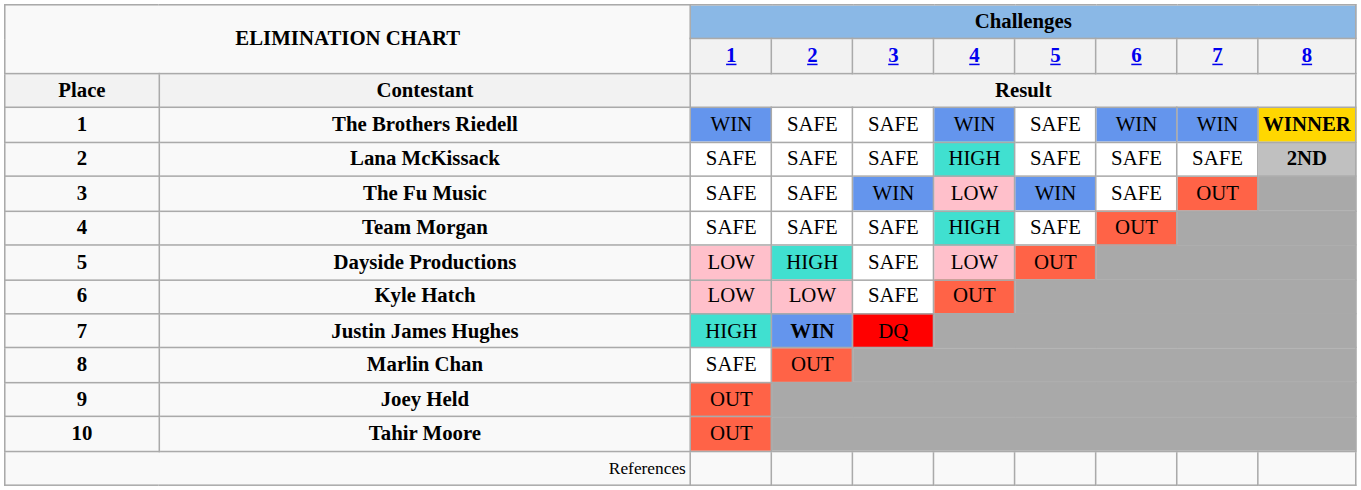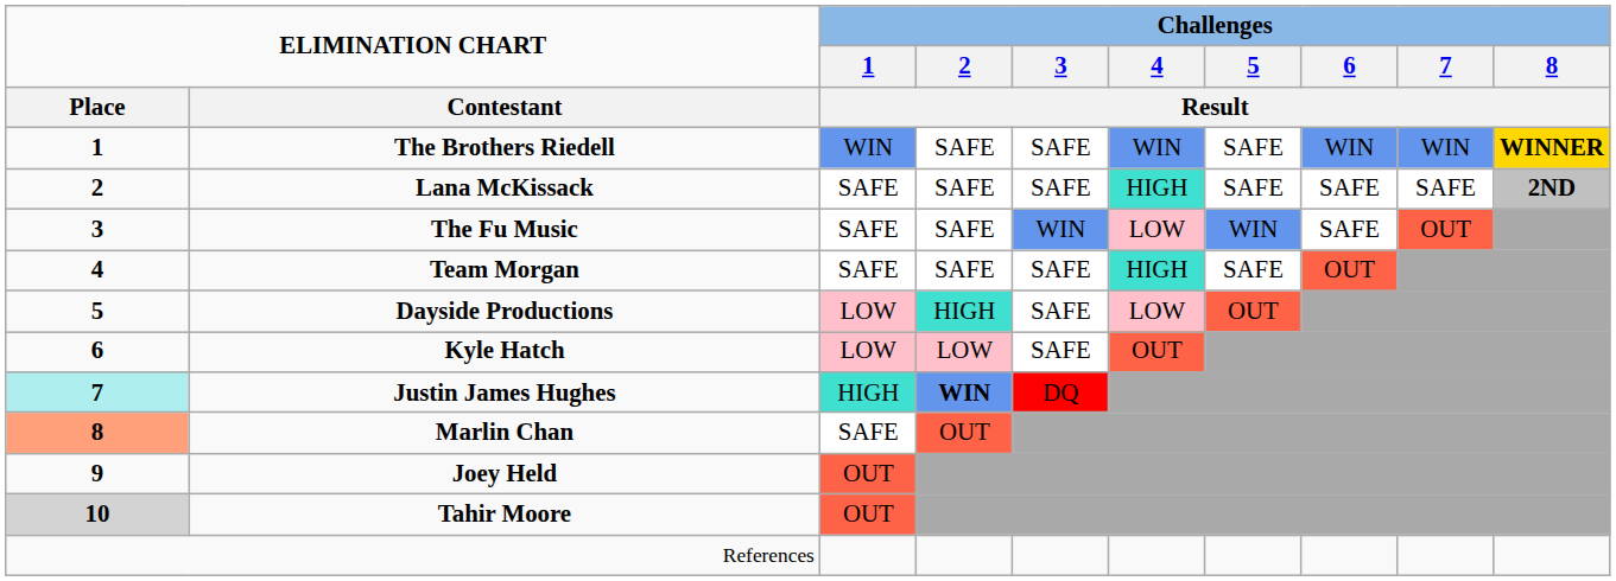 <table class="wikitable" style="margin:1em auto; text-align:center; font-size:85%">
 <tr>
 <td colspan=2 rowspan=2><strong>ELIMINATION CHART</strong></td>
 <td colspan="8" style="background:#8ab8e6;"><strong>Challenges</strong></td>
 </tr>
 <tr>
 <th width=6%><a href='#'>1</a></th>
 <th width=6%><a href='#'>2</a></th>
 <th width=6%><a href='#'>3</a></th>
 <th width=6%><a href='#'>4</a></th>
 <th width=6%><a href='#'>5</a></th>
 <th width=6%><a href='#'>6</a></th>
 <th width=6%><a href='#'>7</a></th>
 <th width=6%><a href='#'>8</a></th>
 </tr>
 <tr>
 <th>Place</th>
 <th>Contestant</th>
 <th colspan="14">Result</th>
 </tr>
 <tr>
 <td><strong>1</strong></td>
 <td><strong>The Brothers Riedell</strong></td>
 <td style="background:cornflowerblue">WIN</td>
 <td style="background:white">SAFE</td>
 <td style="background:white">SAFE</td>
 <td style="background:cornflowerblue">WIN</td>
 <td style="background:white">SAFE</td>
 <td style="background:cornflowerblue">WIN</td>
 <td style="background:cornflowerblue">WIN</td>
 <td style="background:gold;"><strong>WINNER</strong></td>
 </tr>
 <tr>
 <td><strong>2</strong></td>
 <td><strong>Lana McKissack</strong></td>
 <td style="background:white">SAFE</td>
 <td style="background:white">SAFE</td>
 <td style="background:white">SAFE</td>
 <td style="background:turquoise">HIGH</td>
 <td style="background:white">SAFE</td>
 <td style="background:white">SAFE</td>
 <td style="background:white">SAFE</td>
 <td style="background:silver"><strong>2ND</strong></td>
 </tr>
 <tr>
 <td><strong>3</strong></td>
 <td><strong>The Fu Music</strong></td>
 <td style="background:white">SAFE</td>
 <td style="background:white">SAFE</td>
 <td style="background:cornflowerblue">WIN</td>
 <td style="background:pink">LOW</td>
 <td style="background:cornflowerblue">WIN</td>
 <td style="background:white">SAFE</td>
 <td style="background:tomato">OUT</td>
 <td style="background:darkgrey"></td>
 </tr>
 <tr>
 <td><strong>4</strong></td>
 <td><strong>Team Morgan</strong></td>
 <td style="background:white">SAFE</td>
 <td style="background:white">SAFE</td>
 <td style="background:white">SAFE</td>
 <td style="background:turquoise">HIGH</td>
 <td style="background:white">SAFE</td>
 <td style="background:tomato">OUT</td>
 <td style="background:darkgrey" colspan=2></td>
 </tr>
 <tr>
 <td><strong>5</strong></td>
 <td><strong>Dayside Productions</strong></td>
 <td style="background:pink">LOW</td>
 <td style="background:turquoise">HIGH</td>
 <td style="background:white">SAFE</td>
 <td style="background:pink">LOW</td>
 <td style="background:tomato">OUT</td>
 <td style="background:darkgrey" colspan=3></td>
 </tr>
 <tr>
 <td><strong>6</strong></td>
 <td><strong>Kyle Hatch</strong></td>
 <td style="background:pink">LOW</td>
 <td style="background:pink">LOW</td>
 <td style="background:white">SAFE</td>
 <td style="background:tomato">OUT</td>
 <td style="background:darkgrey" colspan=4></td>
 </tr>
 <tr>
-<td><strong>7</strong></td>
+<td style="background: paleturquoise;"><strong>7</strong></td>
 <td><strong>Justin James Hughes</strong></td>
 <td style="background:turquoise">HIGH</td>
 <td style="background:cornflowerblue"><strong>WIN</strong></td>
 <td style="background:red">DQ</td>
 <td style="background:darkgrey" colspan=5></td>
 </tr>
 <tr>
-<td><strong>8</strong></td>
+<td style="background: lightsalmon;"><strong>8</strong></td>
 <td><strong>Marlin Chan</strong></td>
 <td style="background:white">SAFE</td>
 <td style="background:tomato">OUT</td>
 <td style="background:darkgrey" colspan=6></td>
 </tr>
 <tr>
 <td><strong>9</strong></td>
 <td><strong>Joey Held</strong></td>
 <td style="background:tomato">OUT</td>
 <td style="background:darkgrey" colspan=7></td>
 </tr>
 <tr>
-<td><strong>10</strong></td>
+<td style="background: lightgrey;"><strong>10</strong></td>
 <td><strong>Tahir Moore</strong></td>
 <td style="background:tomato">OUT</td>
 <td style="background:darkgrey" colspan=8></td>
 </tr>
 <tr>
 <td colspan=2 align=right><small>References</small></td>
 <td></td>
 <td></td>
 <td></td>
 <td></td>
 <td></td>
 <td></td>
 <td></td>
 <td></td>
 </tr>
 </table>
